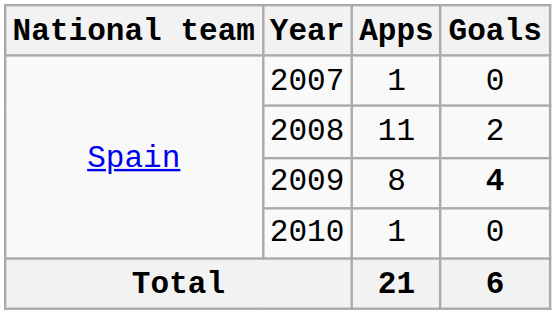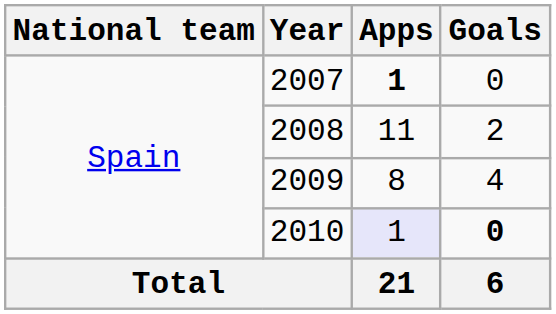 <table class="wikitable" style="text-align:center">
 <tr>
 <th>National team</th>
 <th>Year</th>
 <th>Apps</th>
 <th>Goals</th>
 </tr>
 <tr>
 <td rowspan="4"><a href='#'>Spain</a></td>
 <td>2007</td>
-<td>1</td>
+<td><strong>1</strong></td>
 <td>0</td>
 </tr>
 <tr>
 <td>2008</td>
 <td>11</td>
 <td>2</td>
 </tr>
 <tr>
 <td>2009</td>
 <td>8</td>
-<td><strong>4</strong></td>
+<td>4</td>
 </tr>
 <tr>
 <td>2010</td>
-<td>1</td>
-<td>0</td>
+<td style="background: lavender;">1</td>
+<td><strong>0</strong></td>
 </tr>
 <tr>
 <th colspan="2">Total</th>
 <th>21</th>
 <th>6</th>
 </tr>
 </table>
